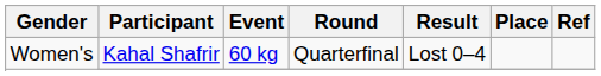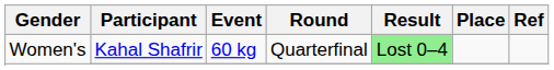 <table class="wikitable" style="font-size: 95%;">
 <tr>
 <th>Gender</th>
 <th>Participant</th>
 <th>Event</th>
 <th>Round</th>
 <th>Result</th>
 <th>Place</th>
 <th>Ref</th>
 </tr>
 <tr>
 <td rowspan="5">Women's</td>
 <td><a href='#'>Kahal Shafrir</a></td>
 <td><a href='#'>60 kg</a></td>
 <td>Quarterfinal</td>
-<td>Lost 0–4</td>
+<td style="background: lightgreen;">Lost 0–4</td>
 <td></td>
 <td></td>
 </tr>
 <tr>
 </tr>
 </table>
